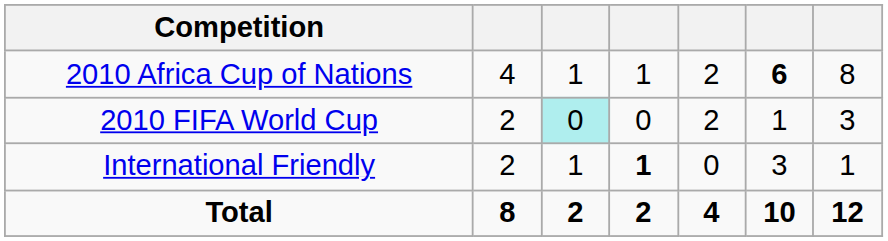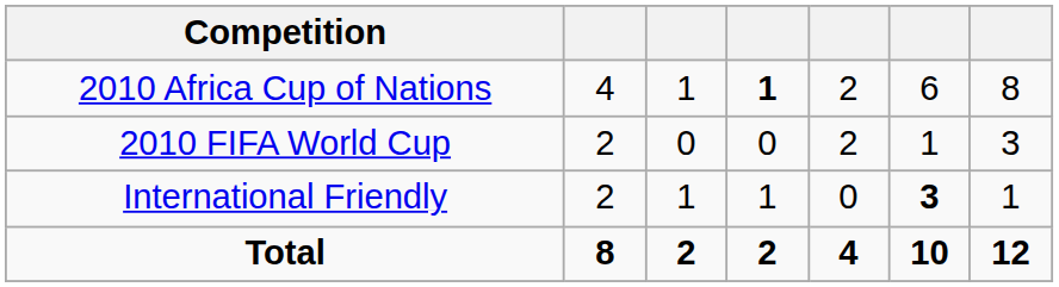 <table class="wikitable" style="text-align: center;">
 <tr>
 <th width=250>Competition</th>
 <th width=30></th>
 <th width=30></th>
 <th width=30></th>
 <th width=30></th>
 <th width=30></th>
 <th width=30></th>
 </tr>
 <tr>
 <td><a href='#'>2010 Africa Cup of Nations</a></td>
 <td>4</td>
 <td>1</td>
-<td>1</td>
+<td><strong>1</strong></td>
 <td>2</td>
-<td><strong>6</strong></td>
+<td>6</td>
 <td>8</td>
 </tr>
 <tr>
 <td><a href='#'>2010 FIFA World Cup</a></td>
 <td>2</td>
-<td style="background: paleturquoise;">0</td>
+<td>0</td>
 <td>0</td>
 <td>2</td>
 <td>1</td>
 <td>3</td>
 </tr>
 <tr>
 <td><a href='#'>International Friendly</a></td>
 <td>2</td>
 <td>1</td>
-<td><strong>1</strong></td>
+<td>1</td>
 <td>0</td>
-<td>3</td>
+<td><strong>3</strong></td>
 <td>1</td>
 </tr>
 <tr>
 <td><strong>Total</strong></td>
 <td><strong>8</strong></td>
 <td><strong>2</strong></td>
 <td><strong>2</strong></td>
 <td><strong>4</strong></td>
 <td><strong>10</strong></td>
 <td><strong>12</strong></td>
 </tr>
 </table>
